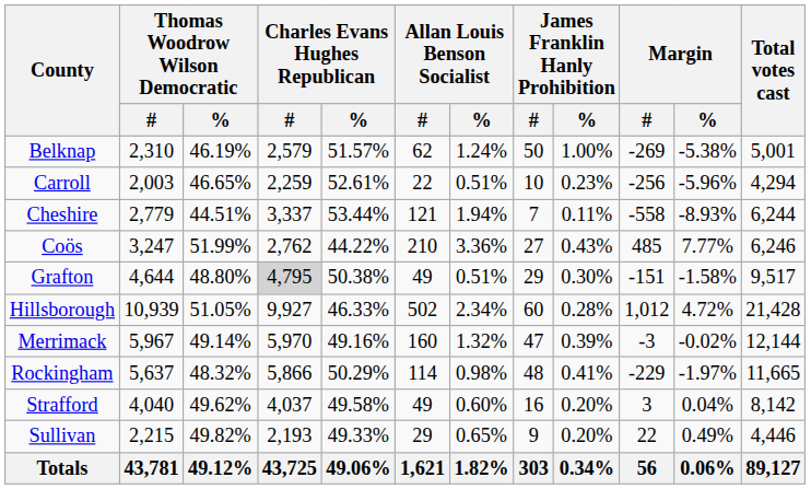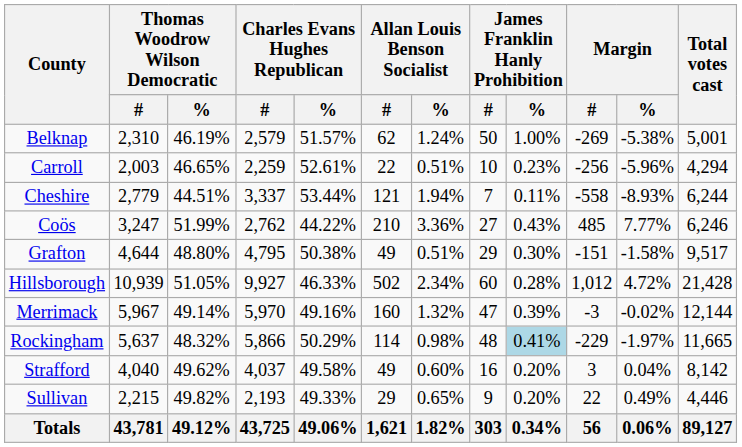 <table width="70%" class="wikitable sortable">
 <tr>
 <th rowspan="2">County</th>
 <th colspan="2">Thomas Woodrow Wilson<br>Democratic</th>
 <th colspan="2">Charles Evans Hughes<br>Republican</th>
 <th colspan="2">Allan Louis Benson<br>Socialist</th>
 <th colspan="2">James Franklin Hanly<br>Prohibition</th>
 <th colspan="2">Margin</th>
 <th rowspan="2">Total votes cast</th>
 </tr>
 <tr bgcolor="lightgrey">
 <th>#</th>
 <th>%</th>
 <th>#</th>
 <th>%</th>
 <th>#</th>
 <th>%</th>
 <th>#</th>
 <th>%</th>
 <th>#</th>
 <th>%</th>
 </tr>
 <tr style="text-align:center;">
 <td><a href='#'>Belknap</a></td>
 <td>2,310</td>
 <td>46.19%</td>
 <td>2,579</td>
 <td>51.57%</td>
 <td>62</td>
 <td>1.24%</td>
 <td>50</td>
 <td>1.00%</td>
 <td>-269</td>
 <td>-5.38%</td>
 <td>5,001</td>
 </tr>
 <tr style="text-align:center;">
 <td><a href='#'>Carroll</a></td>
 <td>2,003</td>
 <td>46.65%</td>
 <td>2,259</td>
 <td>52.61%</td>
 <td>22</td>
 <td>0.51%</td>
 <td>10</td>
 <td>0.23%</td>
 <td>-256</td>
 <td>-5.96%</td>
 <td>4,294</td>
 </tr>
 <tr style="text-align:center;">
 <td><a href='#'>Cheshire</a></td>
 <td>2,779</td>
 <td>44.51%</td>
 <td>3,337</td>
 <td>53.44%</td>
 <td>121</td>
 <td>1.94%</td>
 <td>7</td>
 <td>0.11%</td>
 <td>-558</td>
 <td>-8.93%</td>
 <td>6,244</td>
 </tr>
 <tr style="text-align:center;">
 <td><a href='#'>Coös</a></td>
 <td>3,247</td>
 <td>51.99%</td>
 <td>2,762</td>
 <td>44.22%</td>
 <td>210</td>
 <td>3.36%</td>
 <td>27</td>
 <td>0.43%</td>
 <td>485</td>
 <td>7.77%</td>
 <td>6,246</td>
 </tr>
 <tr style="text-align:center;">
 <td><a href='#'>Grafton</a></td>
 <td>4,644</td>
 <td>48.80%</td>
-<td style="background: lightgrey;">4,795</td>
+<td>4,795</td>
 <td>50.38%</td>
 <td>49</td>
 <td>0.51%</td>
 <td>29</td>
 <td>0.30%</td>
 <td>-151</td>
 <td>-1.58%</td>
 <td>9,517</td>
 </tr>
 <tr style="text-align:center;">
 <td><a href='#'>Hillsborough</a></td>
 <td>10,939</td>
 <td>51.05%</td>
 <td>9,927</td>
 <td>46.33%</td>
 <td>502</td>
 <td>2.34%</td>
 <td>60</td>
 <td>0.28%</td>
 <td>1,012</td>
 <td>4.72%</td>
 <td>21,428</td>
 </tr>
 <tr style="text-align:center;">
 <td><a href='#'>Merrimack</a></td>
 <td>5,967</td>
 <td>49.14%</td>
 <td>5,970</td>
 <td>49.16%</td>
 <td>160</td>
 <td>1.32%</td>
 <td>47</td>
 <td>0.39%</td>
 <td>-3</td>
 <td>-0.02%</td>
 <td>12,144</td>
 </tr>
 <tr style="text-align:center;">
 <td><a href='#'>Rockingham</a></td>
 <td>5,637</td>
 <td>48.32%</td>
 <td>5,866</td>
 <td>50.29%</td>
 <td>114</td>
 <td>0.98%</td>
 <td>48</td>
-<td>0.41%</td>
+<td style="background: lightblue;">0.41%</td>
 <td>-229</td>
 <td>-1.97%</td>
 <td>11,665</td>
 </tr>
 <tr style="text-align:center;">
 <td><a href='#'>Strafford</a></td>
 <td>4,040</td>
 <td>49.62%</td>
 <td>4,037</td>
 <td>49.58%</td>
 <td>49</td>
 <td>0.60%</td>
 <td>16</td>
 <td>0.20%</td>
 <td>3</td>
 <td>0.04%</td>
 <td>8,142</td>
 </tr>
 <tr style="text-align:center;">
 <td><a href='#'>Sullivan</a></td>
 <td>2,215</td>
 <td>49.82%</td>
 <td>2,193</td>
 <td>49.33%</td>
 <td>29</td>
 <td>0.65%</td>
 <td>9</td>
 <td>0.20%</td>
 <td>22</td>
 <td>0.49%</td>
 <td>4,446</td>
 </tr>
 <tr>
 <th>Totals</th>
 <th>43,781</th>
 <th>49.12%</th>
 <th>43,725</th>
 <th>49.06%</th>
 <th>1,621</th>
 <th>1.82%</th>
 <th>303</th>
 <th>0.34%</th>
 <th>56</th>
 <th>0.06%</th>
 <th>89,127</th>
 </tr>
 </table>
